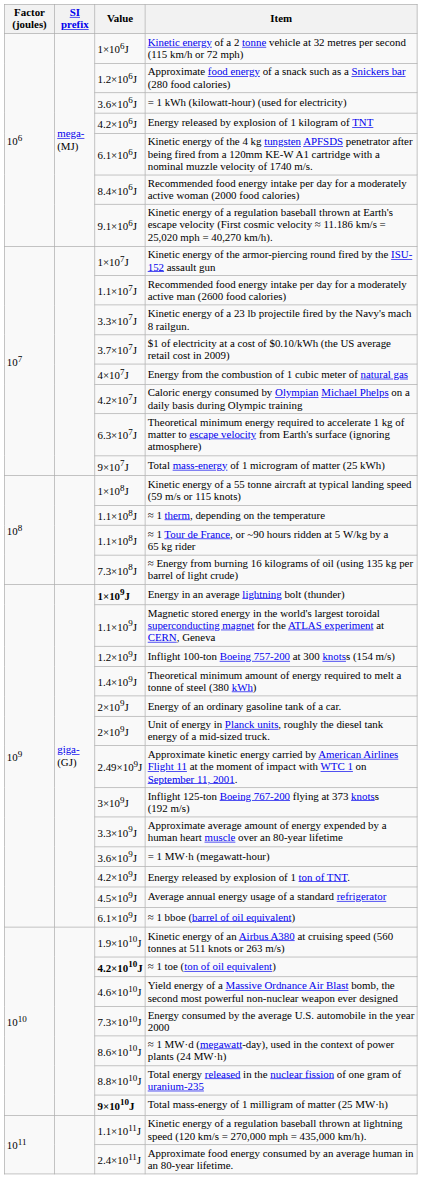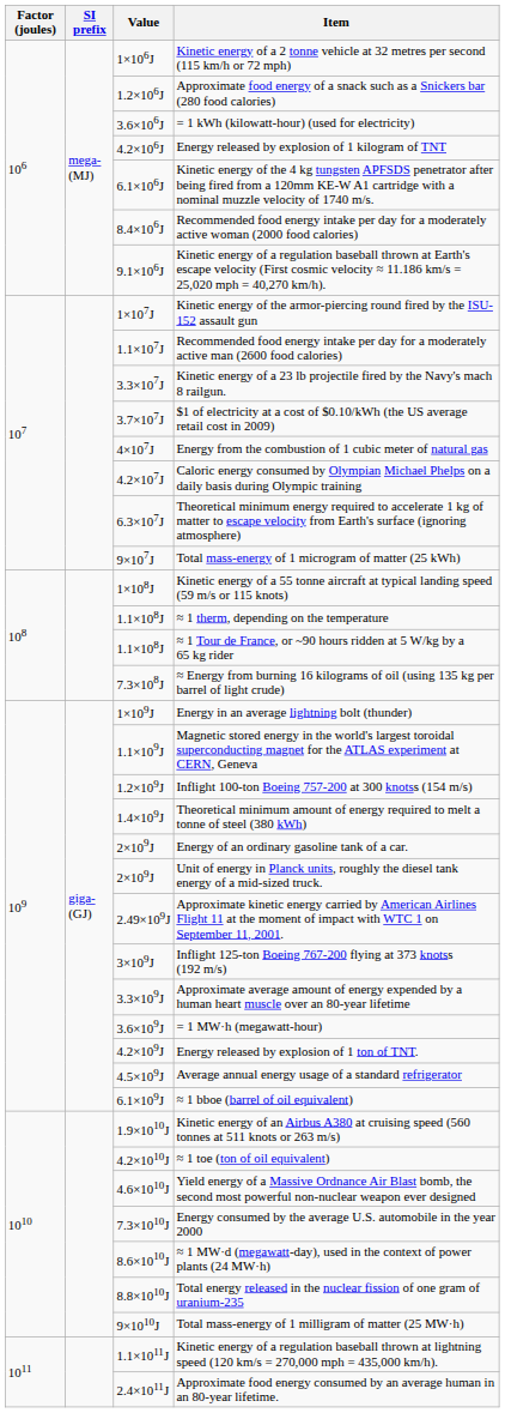 <table class="wikitable">
 <tr>
 <th>Factor (joules)</th>
 <th><a href='#'>SI</a> <a href='#'>prefix</a></th>
 <th>Value</th>
 <th>Item</th>
 </tr>
 <tr>
 <td rowspan="7">10<sup>6</sup></td>
 <td rowspan="7"><a href='#'>mega-</a> (MJ)</td>
 <td>1×10<sup>6</sup>J</td>
 <td><a href='#'>Kinetic energy</a> of a 2 <a href='#'>tonne</a> vehicle at 32 metres per second (115 km/h or 72 mph)</td>
 </tr>
 <tr>
 <td>1.2×10<sup>6</sup>J</td>
 <td>Approximate <a href='#'>food energy</a> of a snack such as a <a href='#'>Snickers bar</a> (280 food calories)</td>
 </tr>
 <tr>
 <td>3.6×10<sup>6</sup>J</td>
 <td>= 1 kWh (kilowatt-hour) (used for electricity)</td>
 </tr>
 <tr>
 <td>4.2×10<sup>6</sup>J</td>
 <td>Energy released by explosion of 1 kilogram of <a href='#'>TNT</a></td>
 </tr>
 <tr>
 <td>6.1×10<sup>6</sup>J</td>
 <td>Kinetic energy of the 4 kg <a href='#'>tungsten</a> <a href='#'>APFSDS</a> penetrator after being fired from a 120mm KE-W A1 cartridge with a nominal muzzle velocity of 1740 m/s.</td>
 </tr>
 <tr>
 <td>8.4×10<sup>6</sup>J</td>
 <td>Recommended food energy intake per day for a moderately active woman (2000 food calories)</td>
 </tr>
 <tr>
 <td>9.1×10<sup>6</sup>J</td>
 <td>Kinetic energy of a regulation baseball thrown at Earth's escape velocity (First cosmic velocity ≈ 11.186 km/s  = 25,020 mph = 40,270 km/h).</td>
 </tr>
 <tr>
 <td rowspan="8">10<sup>7</sup></td>
 <td rowspan="8"> </td>
 <td>1×10<sup>7</sup>J</td>
 <td>Kinetic energy of the armor-piercing round fired by the <a href='#'>ISU-152</a> assault gun</td>
 </tr>
 <tr>
 <td>1.1×10<sup>7</sup>J</td>
 <td>Recommended food energy intake per day for a moderately active man (2600 food calories)</td>
 </tr>
 <tr>
 <td>3.3×10<sup>7</sup>J</td>
 <td>Kinetic energy of a 23 lb projectile fired by the Navy's mach 8 railgun.</td>
 </tr>
 <tr>
 <td>3.7×10<sup>7</sup>J</td>
 <td>$1 of electricity at a cost of $0.10/kWh (the US average retail cost in 2009)</td>
 </tr>
 <tr>
 <td>4×10<sup>7</sup>J</td>
 <td>Energy from the combustion of 1 cubic meter of <a href='#'>natural gas</a></td>
 </tr>
 <tr>
 <td>4.2×10<sup>7</sup>J</td>
 <td>Caloric energy consumed by <a href='#'>Olympian</a> <a href='#'>Michael Phelps</a> on a daily basis during Olympic training</td>
 </tr>
 <tr>
 <td>6.3×10<sup>7</sup>J</td>
 <td>Theoretical minimum energy required to accelerate 1 kg of matter to <a href='#'>escape velocity</a> from Earth's surface (ignoring atmosphere)</td>
 </tr>
 <tr>
 <td>9×10<sup>7</sup>J</td>
 <td>Total <a href='#'>mass-energy</a> of 1 microgram of matter (25 kWh)</td>
 </tr>
 <tr>
 <td rowspan=4>10<sup>8</sup></td>
 <td rowspan=4> </td>
 <td>1×10<sup>8</sup>J</td>
 <td>Kinetic energy of a 55 tonne aircraft at typical landing speed (59 m/s or 115 knots)</td>
 </tr>
 <tr>
 <td>1.1×10<sup>8</sup>J</td>
 <td>≈ 1 <a href='#'>therm</a>, depending on the temperature</td>
 </tr>
 <tr>
 <td>1.1×10<sup>8</sup>J</td>
 <td>≈ 1 <a href='#'>Tour de France</a>, or ~90 hours ridden at 5 W/kg by a 65 kg rider</td>
 </tr>
 <tr>
 <td>7.3×10<sup>8</sup>J</td>
 <td>≈ Energy from burning 16 kilograms of oil (using 135 kg per barrel of light crude)</td>
 </tr>
 <tr>
 <td rowspan="13">10<sup>9</sup></td>
 <td rowspan="13"><a href='#'>giga-</a> (GJ)</td>
-<td><strong>1×10<sup>9</sup>J</strong></td>
+<td>1×10<sup>9</sup>J</td>
 <td>Energy in an average <a href='#'>lightning</a> bolt (thunder)</td>
 </tr>
 <tr>
 <td>1.1×10<sup>9</sup>J</td>
 <td>Magnetic stored energy in the world's largest toroidal <a href='#'>superconducting magnet</a> for the <a href='#'>ATLAS experiment</a> at <a href='#'>CERN</a>, Geneva</td>
 </tr>
 <tr>
 <td>1.2×10<sup>9</sup>J</td>
 <td>Inflight 100-ton <a href='#'>Boeing 757-200</a> at 300 <a href='#'>knots</a>s (154 m/s)</td>
 </tr>
 <tr>
 <td>1.4×10<sup>9</sup>J</td>
 <td>Theoretical minimum amount of energy required to melt a tonne of steel (380 <a href='#'>kWh</a>)</td>
 </tr>
 <tr>
 <td>2×10<sup>9</sup>J</td>
 <td>Energy of an ordinary  gasoline tank of a car.</td>
 </tr>
 <tr>
 <td>2×10<sup>9</sup>J</td>
 <td>Unit of energy in <a href='#'>Planck units</a>, roughly the diesel tank energy of a mid-sized truck.</td>
 </tr>
 <tr>
 <td>2.49×10<sup>9</sup>J</td>
 <td>Approximate kinetic energy carried by <a href='#'>American Airlines Flight 11</a> at the moment of impact with <a href='#'>WTC 1</a> on <a href='#'>September 11, 2001</a>.</td>
 </tr>
 <tr>
 <td>3×10<sup>9</sup>J</td>
 <td>Inflight 125-ton <a href='#'>Boeing 767-200</a> flying at 373 <a href='#'>knots</a>s (192 m/s)</td>
 </tr>
 <tr>
 <td>3.3×10<sup>9</sup>J</td>
 <td>Approximate average amount of energy expended by a human heart <a href='#'>muscle</a> over an 80-year lifetime</td>
 </tr>
 <tr>
 <td>3.6×10<sup>9</sup>J</td>
 <td>= 1 MW·h (megawatt-hour)</td>
 </tr>
 <tr>
 <td>4.2×10<sup>9</sup>J</td>
 <td>Energy released by explosion of 1 <a href='#'>ton of TNT</a>.</td>
 </tr>
 <tr>
 <td>4.5×10<sup>9</sup>J</td>
 <td>Average annual energy usage of a standard <a href='#'>refrigerator</a></td>
 </tr>
 <tr>
 <td>6.1×10<sup>9</sup>J</td>
 <td>≈ 1 bboe (<a href='#'>barrel of oil equivalent</a>)</td>
 </tr>
 <tr>
 <td rowspan="7">10<sup>10</sup></td>
 <td rowspan="7"> </td>
 <td>1.9×10<sup>10</sup>J</td>
 <td>Kinetic energy of an <a href='#'>Airbus A380</a> at cruising speed (560 tonnes at 511 knots or 263 m/s)</td>
 </tr>
 <tr>
-<td><strong>4.2×10<sup>10</sup>J</strong></td>
+<td>4.2×10<sup>10</sup>J</td>
 <td>≈ 1 toe (<a href='#'>ton of oil equivalent</a>)</td>
 </tr>
 <tr>
 <td>4.6×10<sup>10</sup>J</td>
 <td>Yield energy of a <a href='#'>Massive Ordnance Air Blast</a> bomb, the second most powerful non-nuclear weapon ever designed</td>
 </tr>
 <tr>
 <td>7.3×10<sup>10</sup>J</td>
 <td>Energy consumed by the average U.S. automobile in the year 2000</td>
 </tr>
 <tr>
 <td>8.6×10<sup>10</sup>J</td>
 <td>≈ 1 MW·d (<a href='#'>megawatt</a>-day), used in the context of power plants (24 MW·h)</td>
 </tr>
 <tr>
 <td>8.8×10<sup>10</sup>J</td>
 <td>Total energy <a href='#'>released</a> in the <a href='#'>nuclear fission</a> of one gram of <a href='#'>uranium-235</a></td>
 </tr>
 <tr>
-<td><strong>9×10<sup>10</sup>J</strong></td>
+<td>9×10<sup>10</sup>J</td>
 <td>Total mass-energy of 1 milligram of matter (25 MW·h)</td>
 </tr>
 <tr>
 <td rowspan="2">10<sup>11</sup></td>
 <td rowspan="2"> </td>
 <td>1.1×10<sup>11</sup>J</td>
 <td>Kinetic energy of a regulation baseball thrown at lightning speed (120 km/s = 270,000 mph = 435,000 km/h).</td>
 </tr>
 <tr>
 <td>2.4×10<sup>11</sup>J</td>
 <td>Approximate food energy consumed by an average human in an 80-year lifetime.</td>
 </tr>
 </table>
